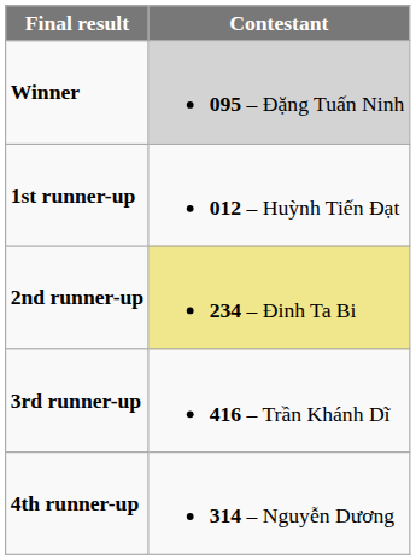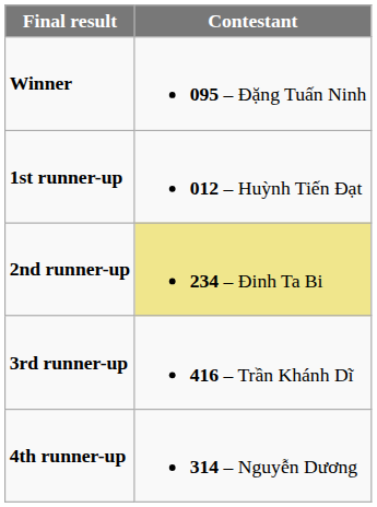 <table class="wikitable sortable" style="font-size: 95%;">
 <tr>
 <th style="background-color:#787878;color:#FFFFFF;">Final result</th>
 <th style="background-color:#787878;color:#FFFFFF;">Contestant</th>
 </tr>
 <tr>
 <td><strong>Winner</strong></td>
-<td style="background: lightgrey;"><br><ul><li><strong>095</strong> – Đặng Tuấn Ninh</li></ul></td>
+<td><br><ul><li><strong>095</strong> – Đặng Tuấn Ninh</li></ul></td>
 </tr>
 <tr>
 <td><strong>1st runner-up</strong></td>
 <td><br><ul><li><strong>012</strong> – Huỳnh Tiến Đạt</li></ul></td>
 </tr>
 <tr>
 <td><strong>2nd runner-up</strong></td>
 <td style="background: khaki;"><br><ul><li><strong>234</strong> – Đinh Ta Bi</li></ul></td>
 </tr>
 <tr>
 <td><strong>3rd runner-up</strong></td>
 <td><br><ul><li><strong>416</strong> – Trần Khánh Dĩ</li></ul></td>
 </tr>
 <tr>
 <td><strong>4th runner-up</strong></td>
 <td><br><ul><li><strong>314</strong> – Nguyễn Dương</li></ul></td>
 </tr>
 </table>
